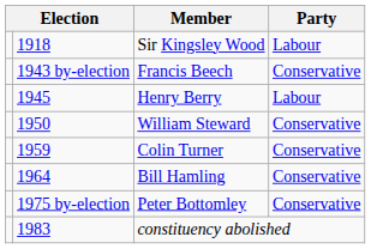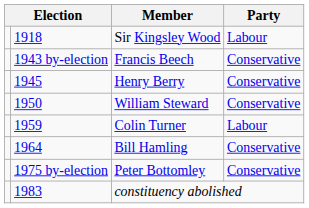 <table class="wikitable">
 <tr>
 <th colspan="2">Election</th>
 <th>Member</th>
 <th>Party</th>
 </tr>
 <tr>
 <td style="color:inherit;background-color: "></td>
 <td><a href='#'>1918</a></td>
 <td>Sir <a href='#'>Kingsley Wood</a></td>
 <td><a href='#'>Labour</a></td>
 </tr>
 <tr>
 <td style="color:inherit;background-color: "></td>
 <td><a href='#'>1943 by-election</a></td>
 <td><a href='#'>Francis Beech</a></td>
 <td><a href='#'>Conservative</a></td>
 </tr>
 <tr>
 <td style="color:inherit;background-color: "></td>
 <td><a href='#'>1945</a></td>
 <td><a href='#'>Henry Berry</a></td>
-<td><a href='#'>Labour</a></td>
+<td><a href='#'>Conservative</a></td>
 </tr>
 <tr>
 <td style="color:inherit;background-color: "></td>
 <td><a href='#'>1950</a></td>
 <td><a href='#'>William Steward</a></td>
 <td><a href='#'>Conservative</a></td>
 </tr>
 <tr>
 <td style="color:inherit;background-color: "></td>
 <td><a href='#'>1959</a></td>
 <td><a href='#'>Colin Turner</a></td>
-<td><a href='#'>Conservative</a></td>
+<td><a href='#'>Labour</a></td>
 </tr>
 <tr>
 <td style="color:inherit;background-color: "></td>
 <td><a href='#'>1964</a></td>
 <td><a href='#'>Bill Hamling</a></td>
 <td><a href='#'>Conservative</a></td>
 </tr>
 <tr>
 <td style="color:inherit;background-color: "></td>
 <td><a href='#'>1975 by-election</a></td>
 <td><a href='#'>Peter Bottomley</a></td>
 <td><a href='#'>Conservative</a></td>
 </tr>
 <tr>
 <td></td>
 <td><a href='#'>1983</a></td>
 <td colspan="2"><em>constituency abolished</em></td>
 </tr>
 </table>
